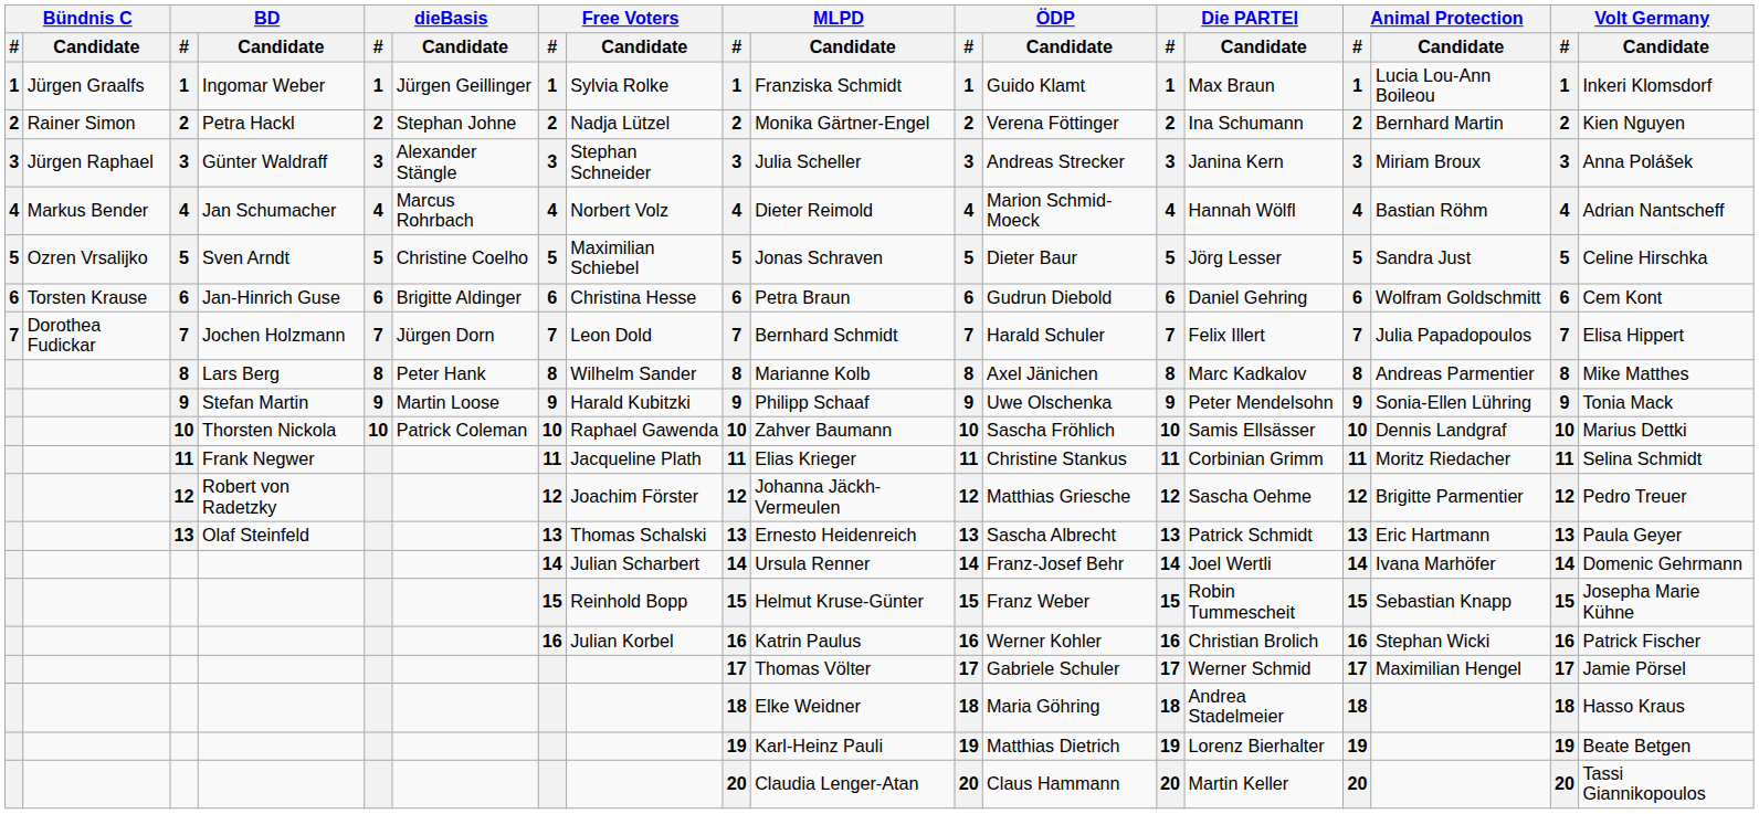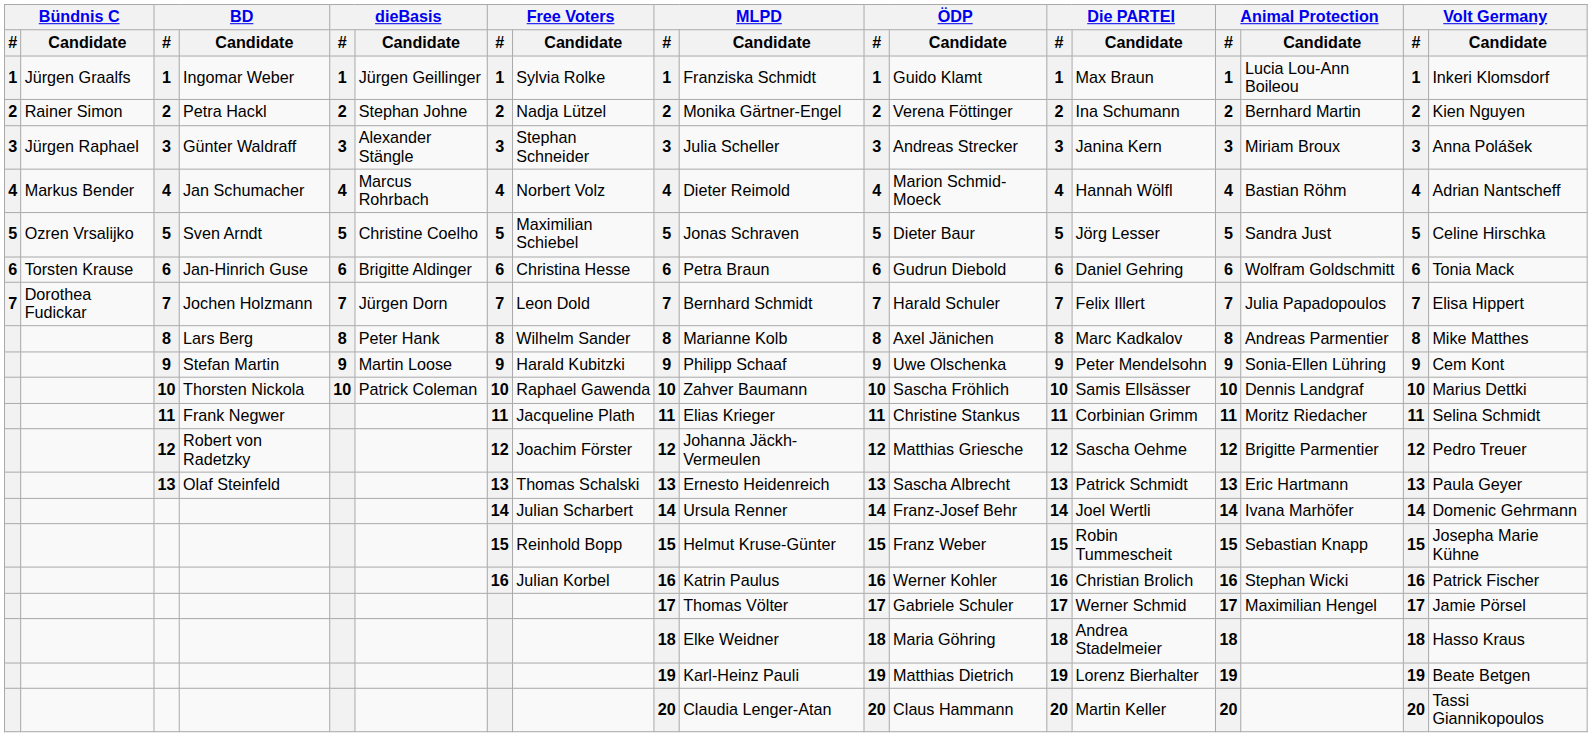 <table class="wikitable">
 <tr>
 <th colspan="2"><a href='#'>Bündnis C</a></th>
 <th colspan="2"><a href='#'>B<strong>D</strong></a></th>
 <th colspan="2"><a href='#'>dieBasis</a></th>
 <th colspan="2"><a href='#'>Free Voters</a></th>
 <th colspan="2"><a href='#'>MLPD</a></th>
 <th colspan="2"><a href='#'>ÖDP</a></th>
 <th colspan="2"><a href='#'>Die PARTEI</a></th>
 <th colspan="2"><a href='#'>Animal Protection</a></th>
 <th colspan="2"><a href='#'>Volt Germany</a></th>
 </tr>
 <tr>
 <th>#</th>
 <th>Candidate</th>
 <th>#</th>
 <th>Candidate</th>
 <th>#</th>
 <th>Candidate</th>
 <th>#</th>
 <th>Candidate</th>
 <th>#</th>
 <th>Candidate</th>
 <th>#</th>
 <th>Candidate</th>
 <th>#</th>
 <th>Candidate</th>
 <th>#</th>
 <th>Candidate</th>
 <th>#</th>
 <th>Candidate</th>
 </tr>
 <tr>
 <th colspan="1">1</th>
 <td colspan="1">Jürgen Graalfs</td>
 <th colspan="1">1</th>
 <td colspan="1">Ingomar Weber</td>
 <th colspan="1">1</th>
 <td colspan="1">Jürgen Geillinger</td>
 <th colspan="1">1</th>
 <td colspan="1">Sylvia Rolke</td>
 <th colspan="1">1</th>
 <td colspan="1">Franziska Schmidt</td>
 <th colspan="1">1</th>
 <td colspan="1">Guido Klamt</td>
 <th colspan="1">1</th>
 <td colspan="1">Max Braun</td>
 <th colspan="1">1</th>
 <td colspan="1">Lucia Lou-Ann Boileou</td>
 <th colspan="1">1</th>
 <td colspan="1">Inkeri Klomsdorf</td>
 </tr>
 <tr>
 <th colspan="1">2</th>
 <td colspan="1">Rainer Simon</td>
 <th colspan="1">2</th>
 <td colspan="1">Petra Hackl</td>
 <th colspan="1">2</th>
 <td colspan="1">Stephan Johne</td>
 <th colspan="1">2</th>
 <td colspan="1">Nadja Lützel</td>
 <th colspan="1">2</th>
 <td colspan="1">Monika Gärtner-Engel</td>
 <th colspan="1">2</th>
 <td colspan="1">Verena Föttinger</td>
 <th colspan="1">2</th>
 <td colspan="1">Ina Schumann</td>
 <th colspan="1">2</th>
 <td colspan="1">Bernhard Martin</td>
 <th colspan="1">2</th>
 <td colspan="1">Kien Nguyen</td>
 </tr>
 <tr>
 <th colspan="1">3</th>
 <td colspan="1">Jürgen Raphael</td>
 <th colspan="1">3</th>
 <td colspan="1">Günter Waldraff</td>
 <th colspan="1">3</th>
 <td colspan="1">Alexander Stängle</td>
 <th colspan="1">3</th>
 <td colspan="1">Stephan Schneider</td>
 <th colspan="1">3</th>
 <td colspan="1">Julia Scheller</td>
 <th colspan="1">3</th>
 <td colspan="1">Andreas Strecker</td>
 <th colspan="1">3</th>
 <td colspan="1">Janina Kern</td>
 <th colspan="1">3</th>
 <td colspan="1">Miriam Broux</td>
 <th colspan="1">3</th>
 <td colspan="1">Anna Polášek</td>
 </tr>
 <tr>
 <th colspan="1">4</th>
 <td colspan="1">Markus Bender</td>
 <th colspan="1">4</th>
 <td colspan="1">Jan Schumacher</td>
 <th colspan="1">4</th>
 <td colspan="1">Marcus Rohrbach</td>
 <th colspan="1">4</th>
 <td colspan="1">Norbert Volz</td>
 <th colspan="1">4</th>
 <td colspan="1">Dieter Reimold</td>
 <th colspan="1">4</th>
 <td colspan="1">Marion Schmid-Moeck</td>
 <th colspan="1">4</th>
 <td colspan="1">Hannah Wölfl</td>
 <th colspan="1">4</th>
 <td colspan="1">Bastian Röhm</td>
 <th colspan="1">4</th>
 <td colspan="1">Adrian Nantscheff</td>
 </tr>
 <tr>
 <th colspan="1">5</th>
 <td colspan="1">Ozren Vrsalijko</td>
 <th colspan="1">5</th>
 <td colspan="1">Sven Arndt</td>
 <th colspan="1">5</th>
 <td colspan="1">Christine Coelho</td>
 <th colspan="1">5</th>
 <td colspan="1">Maximilian Schiebel</td>
 <th colspan="1">5</th>
 <td colspan="1">Jonas Schraven</td>
 <th colspan="1">5</th>
 <td colspan="1">Dieter Baur</td>
 <th colspan="1">5</th>
 <td colspan="1">Jörg Lesser</td>
 <th colspan="1">5</th>
 <td colspan="1">Sandra Just</td>
 <th colspan="1">5</th>
 <td colspan="1">Celine Hirschka</td>
 </tr>
 <tr>
 <th colspan="1">6</th>
 <td colspan="1">Torsten Krause</td>
 <th colspan="1">6</th>
 <td colspan="1">Jan-Hinrich Guse</td>
 <th colspan="1">6</th>
 <td colspan="1">Brigitte Aldinger</td>
 <th colspan="1">6</th>
 <td colspan="1">Christina Hesse</td>
 <th colspan="1">6</th>
 <td colspan="1">Petra Braun</td>
 <th colspan="1">6</th>
 <td colspan="1">Gudrun Diebold</td>
 <th colspan="1">6</th>
 <td colspan="1">Daniel Gehring</td>
 <th colspan="1">6</th>
 <td colspan="1">Wolfram Goldschmitt</td>
 <th colspan="1">6</th>
-<td colspan="1">Cem Kont</td>
+<td colspan="1">Tonia Mack</td>
 </tr>
 <tr>
 <th colspan="1">7</th>
 <td colspan="1">Dorothea Fudickar</td>
 <th colspan="1">7</th>
 <td colspan="1">Jochen Holzmann</td>
 <th colspan="1">7</th>
 <td colspan="1">Jürgen Dorn</td>
 <th colspan="1">7</th>
 <td colspan="1">Leon Dold</td>
 <th colspan="1">7</th>
 <td colspan="1">Bernhard Schmidt</td>
 <th colspan="1">7</th>
 <td colspan="1">Harald Schuler</td>
 <th colspan="1">7</th>
 <td colspan="1">Felix Illert</td>
 <th colspan="1">7</th>
 <td colspan="1">Julia Papadopoulos</td>
 <th colspan="1">7</th>
 <td colspan="1">Elisa Hippert</td>
 </tr>
 <tr>
 <th colspan="1"></th>
 <td colspan="1"></td>
 <th colspan="1">8</th>
 <td colspan="1">Lars Berg</td>
 <th colspan="1">8</th>
 <td colspan="1">Peter Hank</td>
 <th colspan="1">8</th>
 <td colspan="1">Wilhelm Sander</td>
 <th colspan="1">8</th>
 <td colspan="1">Marianne Kolb</td>
 <th colspan="1">8</th>
 <td colspan="1">Axel Jänichen</td>
 <th colspan="1">8</th>
 <td colspan="1">Marc Kadkalov</td>
 <th colspan="1">8</th>
 <td colspan="1">Andreas Parmentier</td>
 <th colspan="1">8</th>
 <td colspan="1">Mike Matthes</td>
 </tr>
 <tr>
 <th colspan="1"></th>
 <td colspan="1"></td>
 <th colspan="1">9</th>
 <td colspan="1">Stefan Martin</td>
 <th colspan="1">9</th>
 <td colspan="1">Martin Loose</td>
 <th colspan="1">9</th>
 <td colspan="1">Harald Kubitzki</td>
 <th colspan="1">9</th>
 <td colspan="1">Philipp Schaaf</td>
 <th colspan="1">9</th>
 <td colspan="1">Uwe Olschenka</td>
 <th colspan="1">9</th>
 <td colspan="1">Peter Mendelsohn</td>
 <th colspan="1">9</th>
 <td colspan="1">Sonia-Ellen Lühring</td>
 <th colspan="1">9</th>
-<td colspan="1">Tonia Mack</td>
+<td colspan="1">Cem Kont</td>
 </tr>
 <tr>
 <th colspan="1"></th>
 <td colspan="1"></td>
 <th colspan="1">10</th>
 <td colspan="1">Thorsten Nickola</td>
 <th colspan="1">10</th>
 <td colspan="1">Patrick Coleman</td>
 <th colspan="1">10</th>
 <td colspan="1">Raphael Gawenda</td>
 <th colspan="1">10</th>
 <td colspan="1">Zahver Baumann</td>
 <th colspan="1">10</th>
 <td colspan="1">Sascha Fröhlich</td>
 <th colspan="1">10</th>
 <td colspan="1">Samis Ellsässer</td>
 <th colspan="1">10</th>
 <td colspan="1">Dennis Landgraf</td>
 <th colspan="1">10</th>
 <td colspan="1">Marius Dettki</td>
 </tr>
 <tr>
 <th colspan="1"></th>
 <td colspan="1"></td>
 <th colspan="1">11</th>
 <td colspan="1">Frank Negwer</td>
 <th colspan="1"></th>
 <td colspan="1"></td>
 <th colspan="1">11</th>
 <td colspan="1">Jacqueline Plath</td>
 <th colspan="1">11</th>
 <td colspan="1">Elias Krieger</td>
 <th colspan="1">11</th>
 <td colspan="1">Christine Stankus</td>
 <th colspan="1">11</th>
 <td colspan="1">Corbinian Grimm</td>
 <th colspan="1">11</th>
 <td colspan="1">Moritz Riedacher</td>
 <th colspan="1">11</th>
 <td colspan="1">Selina Schmidt</td>
 </tr>
 <tr>
 <th colspan="1"></th>
 <td colspan="1"></td>
 <th colspan="1">12</th>
 <td colspan="1">Robert von Radetzky</td>
 <th colspan="1"></th>
 <td colspan="1"></td>
 <th colspan="1">12</th>
 <td colspan="1">Joachim Förster</td>
 <th colspan="1">12</th>
 <td colspan="1">Johanna Jäckh-Vermeulen</td>
 <th colspan="1">12</th>
 <td colspan="1">Matthias Griesche</td>
 <th colspan="1">12</th>
 <td colspan="1">Sascha Oehme</td>
 <th colspan="1">12</th>
 <td colspan="1">Brigitte Parmentier</td>
 <th colspan="1">12</th>
 <td colspan="1">Pedro Treuer</td>
 </tr>
 <tr>
 <th colspan="1"></th>
 <td colspan="1"></td>
 <th colspan="1">13</th>
 <td colspan="1">Olaf Steinfeld</td>
 <th colspan="1"></th>
 <td colspan="1"></td>
 <th colspan="1">13</th>
 <td colspan="1">Thomas Schalski</td>
 <th colspan="1">13</th>
 <td colspan="1">Ernesto Heidenreich</td>
 <th colspan="1">13</th>
 <td colspan="1">Sascha Albrecht</td>
 <th colspan="1">13</th>
 <td colspan="1">Patrick Schmidt</td>
 <th colspan="1">13</th>
 <td colspan="1">Eric Hartmann</td>
 <th colspan="1">13</th>
 <td colspan="1">Paula Geyer</td>
 </tr>
 <tr>
 <th colspan="1"></th>
 <td colspan="1"></td>
 <td colspan="1"></td>
 <td colspan="1"></td>
 <th colspan="1"></th>
 <td colspan="1"></td>
 <th colspan="1">14</th>
 <td colspan="1">Julian Scharbert</td>
 <th colspan="1">14</th>
 <td colspan="1">Ursula Renner</td>
 <th colspan="1">14</th>
 <td colspan="1">Franz-Josef Behr</td>
 <th colspan="1">14</th>
 <td colspan="1">Joel Wertli</td>
 <th colspan="1">14</th>
 <td colspan="1">Ivana Marhöfer</td>
 <th colspan="1">14</th>
 <td colspan="1">Domenic Gehrmann</td>
 </tr>
 <tr>
 <th colspan="1"></th>
 <td colspan="1"></td>
 <td colspan="1"></td>
 <td colspan="1"></td>
 <th colspan="1"></th>
 <td colspan="1"></td>
 <th colspan="1">15</th>
 <td colspan="1">Reinhold Bopp</td>
 <th colspan="1">15</th>
 <td colspan="1">Helmut Kruse-Günter</td>
 <th colspan="1">15</th>
 <td colspan="1">Franz Weber</td>
 <th colspan="1">15</th>
 <td colspan="1">Robin Tummescheit</td>
 <th colspan="1">15</th>
 <td colspan="1">Sebastian Knapp</td>
 <th colspan="1">15</th>
 <td colspan="1">Josepha Marie Kühne</td>
 </tr>
 <tr>
 <th></th>
 <td></td>
 <td></td>
 <td></td>
 <th></th>
 <td></td>
 <th colspan="1">16</th>
 <td colspan="1">Julian Korbel</td>
 <th colspan="1">16</th>
 <td colspan="1">Katrin Paulus</td>
 <th colspan="1">16</th>
 <td colspan="1">Werner Kohler</td>
 <th colspan="1">16</th>
 <td colspan="1">Christian Brolich</td>
 <th colspan="1">16</th>
 <td colspan="1">Stephan Wicki</td>
 <th colspan="1">16</th>
 <td colspan="1">Patrick Fischer</td>
 </tr>
 <tr>
 <th></th>
 <td></td>
 <td></td>
 <td></td>
 <th></th>
 <td></td>
 <th></th>
 <td></td>
 <th colspan="1">17</th>
 <td colspan="1">Thomas Völter</td>
 <th colspan="1">17</th>
 <td colspan="1">Gabriele Schuler</td>
 <th colspan="1">17</th>
 <td colspan="1">Werner Schmid</td>
 <th colspan="1">17</th>
 <td colspan="1">Maximilian Hengel</td>
 <th colspan="1">17</th>
 <td colspan="1">Jamie Pörsel</td>
 </tr>
 <tr>
 <th></th>
 <td></td>
 <td></td>
 <td></td>
 <th></th>
 <td></td>
 <th></th>
 <td></td>
 <th colspan="1">18</th>
 <td colspan="1">Elke Weidner</td>
 <th colspan="1">18</th>
 <td colspan="1">Maria Göhring</td>
 <th colspan="1">18</th>
 <td colspan="1">Andrea Stadelmeier</td>
 <th colspan="1">18</th>
 <td colspan="1"></td>
 <th colspan="1">18</th>
 <td colspan="1">Hasso Kraus</td>
 </tr>
 <tr>
 <th></th>
 <td></td>
 <td></td>
 <td></td>
 <th></th>
 <td></td>
 <th></th>
 <td></td>
 <th colspan="1">19</th>
 <td colspan="1">Karl-Heinz Pauli</td>
 <th colspan="1">19</th>
 <td colspan="1">Matthias Dietrich</td>
 <th colspan="1">19</th>
 <td colspan="1">Lorenz Bierhalter</td>
 <th colspan="1">19</th>
 <td colspan="1"></td>
 <th colspan="1">19</th>
 <td colspan="1">Beate Betgen</td>
 </tr>
 <tr>
 <th></th>
 <td></td>
 <td></td>
 <td></td>
 <th></th>
 <td></td>
 <th></th>
 <td></td>
 <th colspan="1">20</th>
 <td colspan="1">Claudia Lenger-Atan</td>
 <th colspan="1">20</th>
 <td colspan="1">Claus Hammann</td>
 <th colspan="1">20</th>
 <td colspan="1">Martin Keller</td>
 <th colspan="1">20</th>
 <td colspan="1"></td>
 <th colspan="1">20</th>
 <td colspan="1">Tassi Giannikopoulos</td>
 </tr>
 </table>
